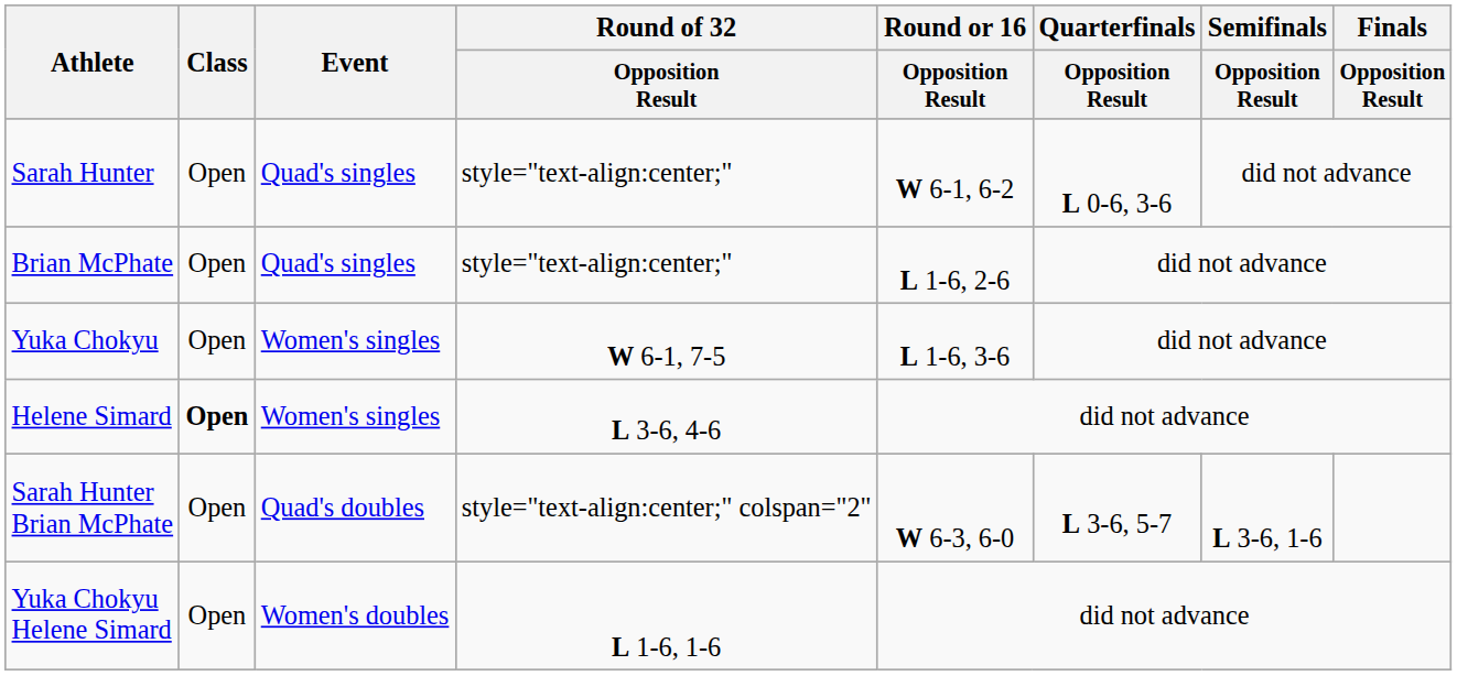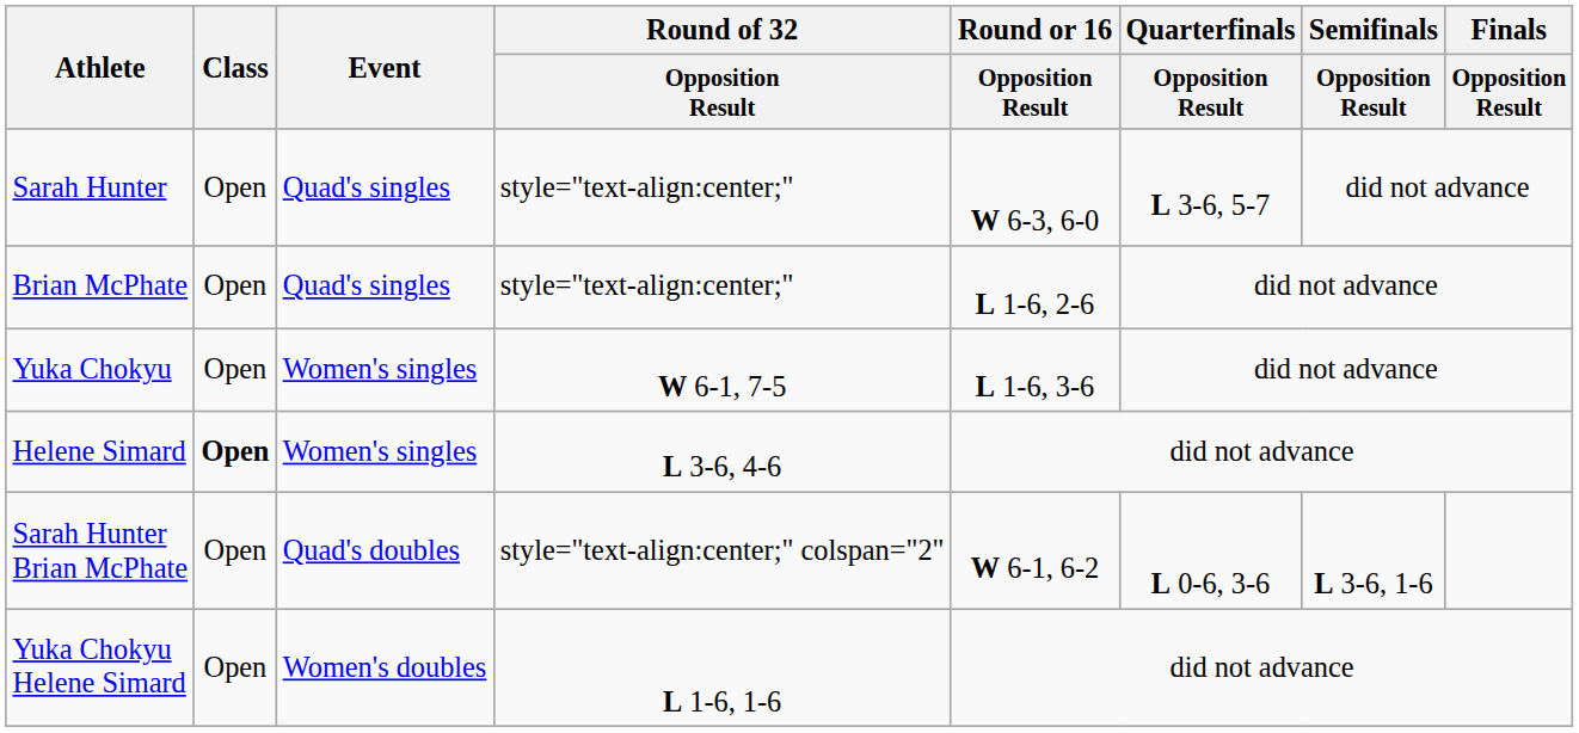 <table class=wikitable style="font-size:90%">
 <tr>
 <th rowspan="2">Athlete</th>
 <th rowspan="2">Class</th>
 <th rowspan="2">Event</th>
 <th>Round of 32</th>
 <th>Round or 16</th>
 <th>Quarterfinals</th>
 <th>Semifinals</th>
 <th>Finals</th>
 </tr>
 <tr>
 <th style="line-height:1em"><small>Opposition<br>Result</small></th>
 <th style="line-height:1em"><small>Opposition<br>Result</small></th>
 <th style="line-height:1em"><small>Opposition<br>Result</small></th>
 <th style="line-height:1em"><small>Opposition<br>Result</small></th>
 <th style="line-height:1em"><small>Opposition<br>Result</small></th>
 </tr>
 <tr>
 <td><a href='#'>Sarah Hunter</a></td>
 <td style="text-align:center;">Open</td>
 <td><a href='#'>Quad's singles</a></td>
 <td>style="text-align:center;" </td>
-<td style="text-align:center;"><br><strong>W</strong> 6-1, 6-2</td>
-<td style="text-align:center;"><br> <br><strong>L</strong> 0-6, 3-6</td>
+<td style="text-align:center;"><br> <br><strong>W</strong> 6-3, 6-0</td>
+<td style="text-align:center;"><br><strong>L</strong> 3-6, 5-7</td>
 <td style="text-align:center;" colspan="2">did not advance</td>
 </tr>
 <tr>
 <td><a href='#'>Brian McPhate</a></td>
 <td style="text-align:center;">Open</td>
 <td><a href='#'>Quad's singles</a></td>
 <td>style="text-align:center;" </td>
 <td style="text-align:center;"><br><strong>L</strong> 1-6, 2-6</td>
 <td style="text-align:center;" colspan="3">did not advance</td>
 </tr>
 <tr>
 <td><a href='#'>Yuka Chokyu</a></td>
 <td style="text-align:center;">Open</td>
 <td><a href='#'>Women's singles</a></td>
 <td style="text-align:center;"><br><strong>W</strong> 6-1, 7-5</td>
 <td style="text-align:center;"><br><strong>L</strong> 1-6, 3-6</td>
 <td style="text-align:center;" colspan="3">did not advance</td>
 </tr>
 <tr>
 <td><a href='#'>Helene Simard</a></td>
 <td style="text-align:center;"><strong>Open</strong></td>
 <td><a href='#'>Women's singles</a></td>
 <td style="text-align:center;"><br><strong>L</strong> 3-6, 4-6</td>
 <td style="text-align:center;" colspan="4">did not advance</td>
 </tr>
 <tr>
 <td><a href='#'>Sarah Hunter</a><strong><br> </strong><a href='#'>Brian McPhate</a></td>
 <td style="text-align:center;">Open</td>
 <td><a href='#'>Quad's doubles</a></td>
 <td>style="text-align:center;" colspan="2" </td>
-<td style="text-align:center;"><br> <br><strong>W</strong> 6-3, 6-0</td>
-<td style="text-align:center;"><br><strong>L</strong> 3-6, 5-7</td>
+<td style="text-align:center;"><br><strong>W</strong> 6-1, 6-2</td>
+<td style="text-align:center;"><br> <br><strong>L</strong> 0-6, 3-6</td>
 <td style="text-align:center;"><br> <br><strong>L</strong> 3-6, 1-6</td>
 </tr>
 <tr>
 <td><a href='#'>Yuka Chokyu</a><br> <a href='#'>Helene Simard</a></td>
 <td style="text-align:center;">Open</td>
 <td><a href='#'>Women's doubles</a></td>
 <td style="text-align:center;"><br> <br><strong>L</strong> 1-6, 1-6</td>
 <td style="text-align:center;" colspan="4">did not advance</td>
 </tr>
 </table>
